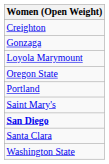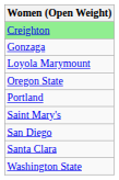 <table class="wikitable">
 <tr>
 <th>Women (Open Weight)</th>
 </tr>
 <tr>
-<td><a href='#'>Creighton</a></td>
+<td style="background: lightgreen;"><a href='#'>Creighton</a></td>
 </tr>
 <tr>
 <td><a href='#'>Gonzaga</a></td>
 </tr>
 <tr>
 <td><a href='#'>Loyola Marymount</a></td>
 </tr>
 <tr>
 <td><a href='#'>Oregon State</a></td>
 </tr>
 <tr>
 <td><a href='#'>Portland</a></td>
 </tr>
 <tr>
 <td><a href='#'>Saint Mary's</a></td>
 </tr>
 <tr>
-<td><strong><a href='#'>San Diego</a></strong></td>
+<td><a href='#'>San Diego</a></td>
 </tr>
 <tr>
 <td><a href='#'>Santa Clara</a></td>
 </tr>
 <tr>
 <td><a href='#'>Washington State</a></td>
 </tr>
 </table>
